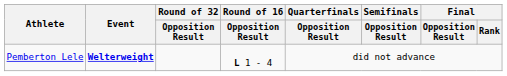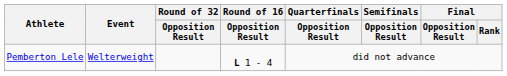 <table class="wikitable" style="font-size:90%; text-align:center">
 <tr>
 <th rowspan=2>Athlete</th>
 <th rowspan=2>Event</th>
 <th>Round of 32</th>
 <th>Round of 16</th>
 <th>Quarterfinals</th>
 <th>Semifinals</th>
 <th colspan=2>Final</th>
 </tr>
 <tr style="font-size:95%">
 <th>Opposition<br>Result</th>
 <th>Opposition<br>Result</th>
 <th>Opposition<br>Result</th>
 <th>Opposition<br>Result</th>
 <th>Opposition<br>Result</th>
 <th>Rank</th>
 </tr>
 <tr>
 <td align=left><a href='#'>Pemberton Lele</a></td>
-<td align=left><strong><a href='#'>Welterweight</a></strong></td>
+<td align=left><a href='#'>Welterweight</a></td>
 <td></td>
 <td><br><strong>L</strong> 1 - 4</td>
 <td colspan=4>did not advance</td>
 </tr>
 </table>
